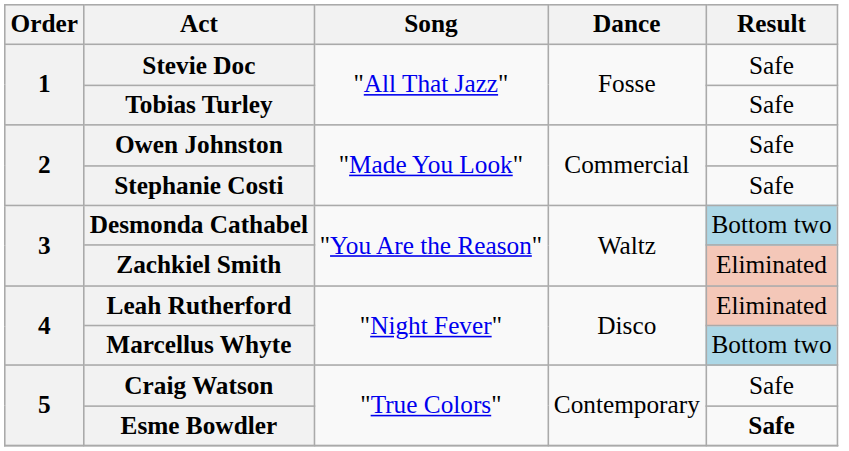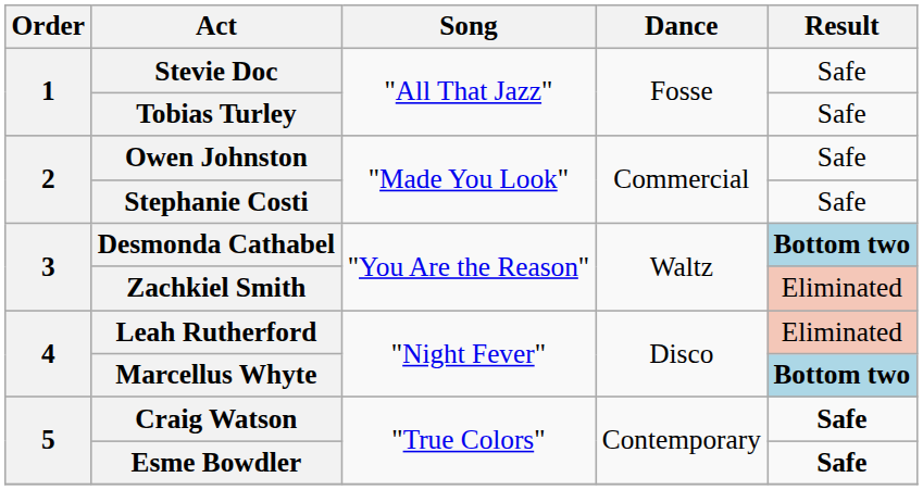 <table class="wikitable plainrowheaders" style="text-align:center;">
 <tr>
 <th scope="col">Order</th>
 <th scope="col">Act</th>
 <th scope="col">Song</th>
 <th scope="col">Dance</th>
 <th scope="col">Result</th>
 </tr>
 <tr>
 <th rowspan="2"><strong>1</strong></th>
 <th scope="row">Stevie Doc</th>
 <td rowspan="2">"<a href='#'>All That Jazz</a>"</td>
 <td rowspan="2">Fosse</td>
 <td>Safe</td>
 </tr>
 <tr>
 <th scope="row">Tobias Turley</th>
 <td>Safe</td>
 </tr>
 <tr>
 <th rowspan="2"><strong>2</strong></th>
 <th scope="row">Owen Johnston</th>
 <td rowspan="2">"<a href='#'>Made You Look</a>"</td>
 <td rowspan="2">Commercial</td>
 <td>Safe</td>
 </tr>
 <tr>
 <th scope="row">Stephanie Costi</th>
 <td>Safe</td>
 </tr>
 <tr>
 <th rowspan="2"><strong>3</strong></th>
 <th scope="row">Desmonda Cathabel</th>
 <td rowspan="2">"<a href='#'>You Are the Reason</a>"</td>
 <td rowspan="2">Waltz</td>
-<td style="background:#ACD7E6">Bottom two</td>
+<td style="background:#ACD7E6"><strong>Bottom two</strong></td>
 </tr>
 <tr>
 <th scope="row">Zachkiel Smith</th>
 <td bgcolor="f4c7b8">Eliminated</td>
 </tr>
 <tr>
 <th rowspan="2"><strong>4</strong></th>
 <th scope="row">Leah Rutherford</th>
 <td rowspan="2">"<a href='#'>Night Fever</a>"</td>
 <td rowspan="2">Disco</td>
 <td bgcolor="f4c7b8">Eliminated</td>
 </tr>
 <tr>
 <th scope="row">Marcellus Whyte</th>
-<td style="background:#ACD7E6">Bottom two</td>
+<td style="background:#ACD7E6"><strong>Bottom two</strong></td>
 </tr>
 <tr>
 <th rowspan="2"><strong>5</strong></th>
 <th scope="row">Craig Watson</th>
 <td rowspan="2">"<a href='#'>True Colors</a>"</td>
 <td rowspan="2">Contemporary</td>
-<td>Safe</td>
+<td><strong>Safe</strong></td>
 </tr>
 <tr>
 <th scope="row">Esme Bowdler</th>
 <td><strong>Safe</strong></td>
 </tr>
 <tr>
 </tr>
 </table>
